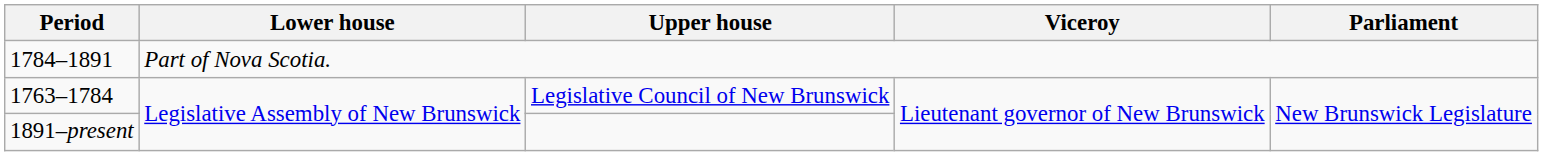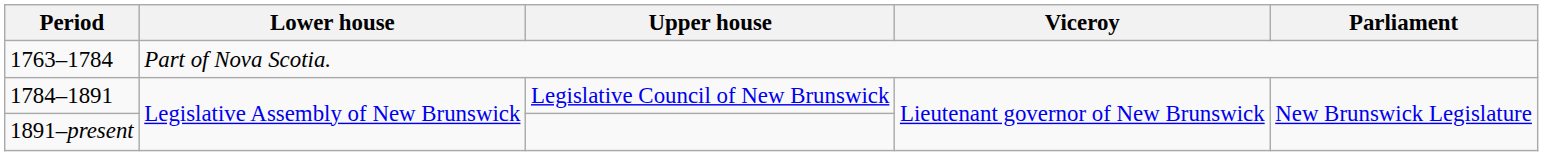 <table class="wikitable">
 <tr>
 <th>Period</th>
 <th>Lower house</th>
 <th>Upper house</th>
 <th>Viceroy</th>
 <th>Parliament</th>
 </tr>
 <tr>
-<td>1784–1891</td>
+<td>1763–1784</td>
 <td colspan="4"><em>Part of Nova Scotia.</em></td>
 </tr>
 <tr>
-<td>1763–1784</td>
+<td>1784–1891</td>
 <td rowspan=2><a href='#'>Legislative Assembly of New Brunswick</a></td>
 <td><a href='#'>Legislative Council of New Brunswick</a></td>
 <td rowspan="2"><a href='#'>Lieutenant governor of New Brunswick</a></td>
 <td rowspan="2"><a href='#'>New Brunswick Legislature</a></td>
 </tr>
 <tr>
 <td>1891–<em>present</em></td>
 <td></td>
 </tr>
 </table>
